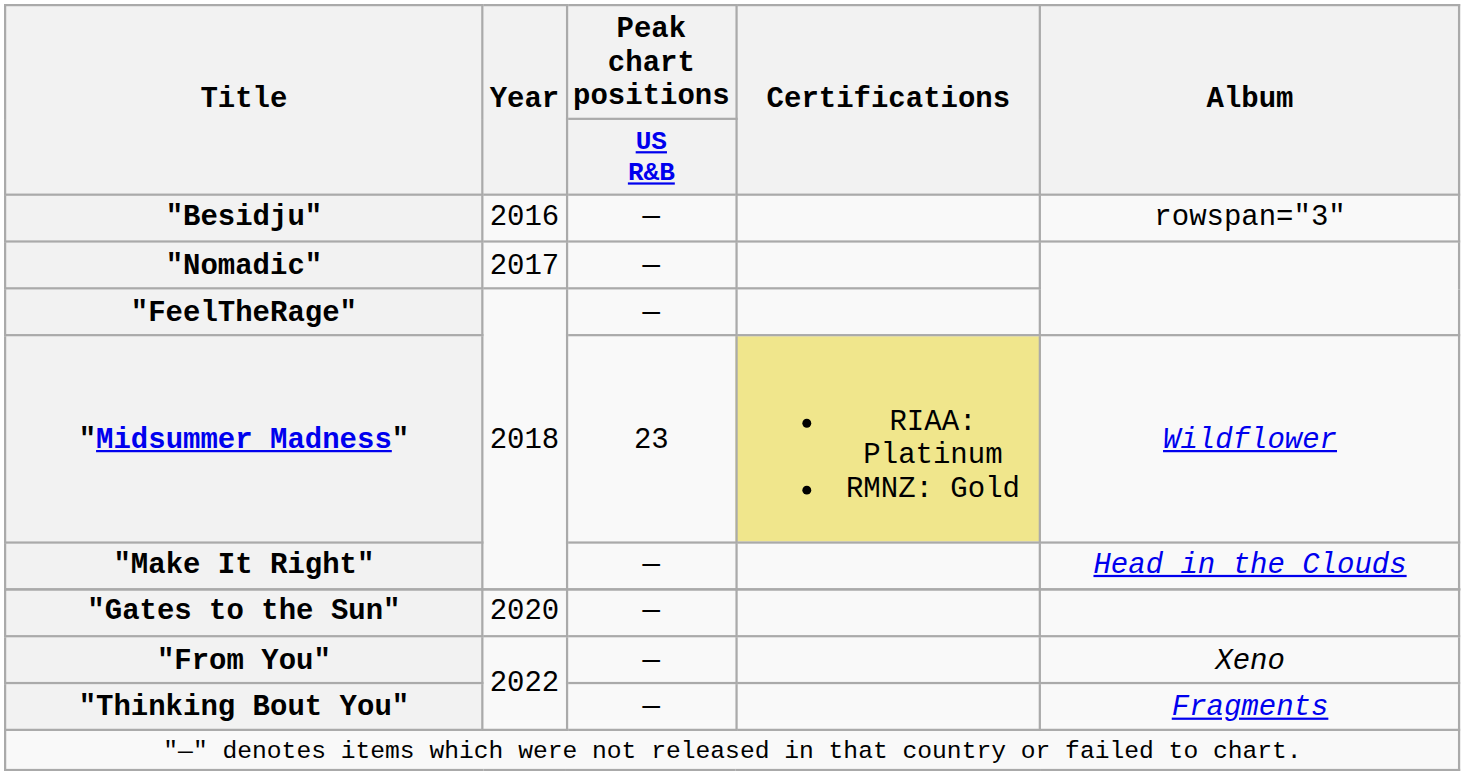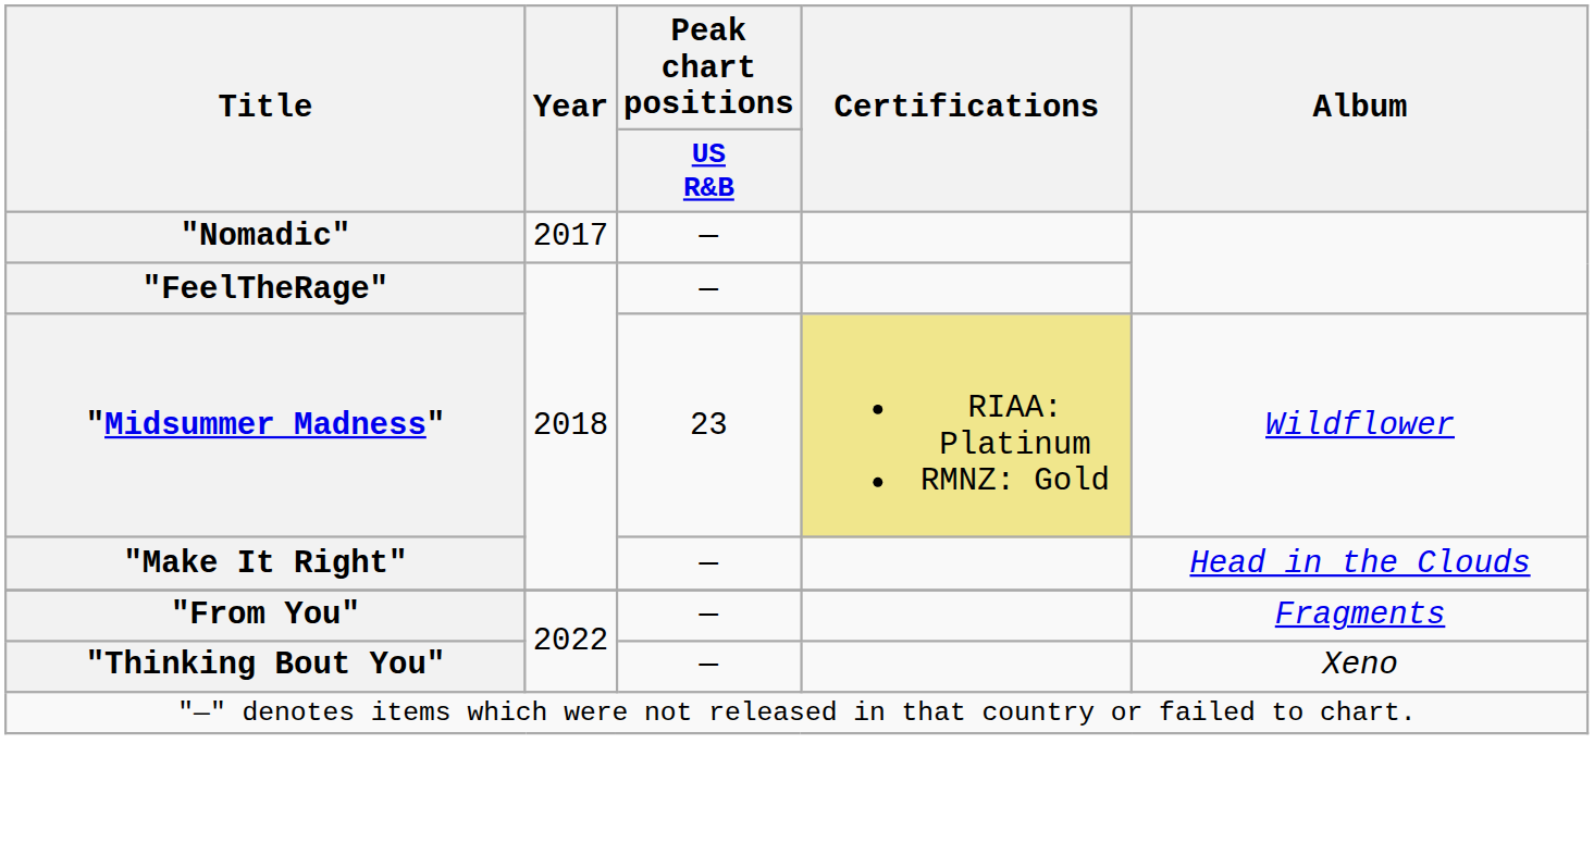 <table class="wikitable plainrowheaders" style="text-align:center;">
 <tr>
 <th scope="col" rowspan="2" style="width:16em;">Title</th>
 <th scope="col" rowspan="2" style="width:1em;">Year</th>
 <th colspan="1">Peak chart positions</th>
 <th scope="col" rowspan="2" style="width:10em;">Certifications</th>
 <th scope="col" rowspan="2" style="width:14em;">Album</th>
 </tr>
 <tr>
 <th scope="col" style="width:3em;font-size:90%;"><a href='#'>US<br>R&B</a><br></th>
-</tr>
-<tr>
-<th scope="row">"Besidju"<br></th>
-<td>2016</td>
-<td>—</td>
-<td></td>
-<td>rowspan="3" </td>
 </tr>
 <tr>
 <th scope="row">"Nomadic"<br></th>
 <td>2017</td>
 <td>—</td>
 <td></td>
 </tr>
 <tr>
 <th scope="row">"FeelTheRage"<br></th>
 <td rowspan="3">2018</td>
 <td>—</td>
 <td></td>
 </tr>
 <tr>
 <th scope="row">"<a href='#'>Midsummer Madness</a>"<br></th>
 <td>23</td>
 <td style="background: khaki;"><br><ul><li>RIAA: Platinum</li><li>RMNZ: Gold</li></ul></td>
 <td><em><a href='#'>Wildflower</a></em></td>
 </tr>
 <tr>
 <th scope="row">"Make It Right"<br></th>
 <td>—</td>
 <td></td>
 <td><em><a href='#'>Head in the Clouds</a></em></td>
 </tr>
 <tr>
 </tr>
 <tr>
-<th scope="row">"Gates to the Sun"<br></th>
-<td>2020</td>
+<th scope="row">"From You"<br></th>
+<td rowspan="2">2022</td>
 <td>—</td>
 <td></td>
-<td></td>
+<td><em><a href='#'>Fragments</a></em></td>
 </tr>
 <tr>
-<th scope="row">"From You"<br></th>
-<td rowspan="2">2022</td>
+<th scope="row">"Thinking Bout You"<br></th>
 <td>—</td>
 <td></td>
 <td><em>Xeno</em></td>
 </tr>
 <tr>
-<th scope="row">"Thinking Bout You"<br></th>
-<td>—</td>
-<td></td>
-<td><em><a href='#'>Fragments</a></em></td>
-</tr>
-<tr>
 <td colspan="5" style="font-size:85%;">"—" denotes items which were not released in that country or failed to chart.</td>
 </tr>
 </table>
